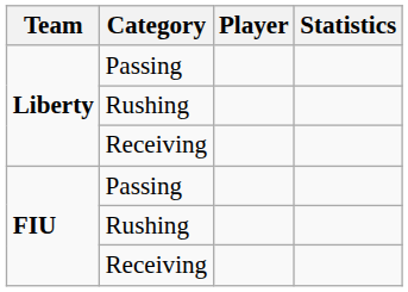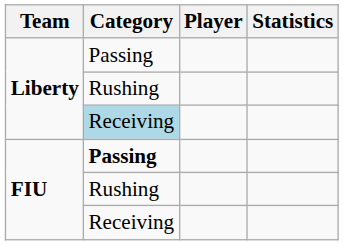 <table class="wikitable" style="float: right;">
 <tr>
 <th>Team</th>
 <th>Category</th>
 <th>Player</th>
 <th>Statistics</th>
 </tr>
 <tr>
 <td rowspan=3><strong>Liberty</strong></td>
 <td>Passing</td>
 <td></td>
 <td></td>
 </tr>
 <tr>
 <td>Rushing</td>
 <td></td>
 <td></td>
 </tr>
 <tr>
-<td>Receiving</td>
+<td style="background: lightblue;">Receiving</td>
 <td></td>
 <td></td>
 </tr>
 <tr>
 <td rowspan=3><strong>FIU</strong></td>
-<td>Passing</td>
+<td><strong>Passing</strong></td>
 <td></td>
 <td></td>
 </tr>
 <tr>
 <td>Rushing</td>
 <td></td>
 <td></td>
 </tr>
 <tr>
 <td>Receiving</td>
 <td></td>
 <td></td>
 </tr>
 </table>
